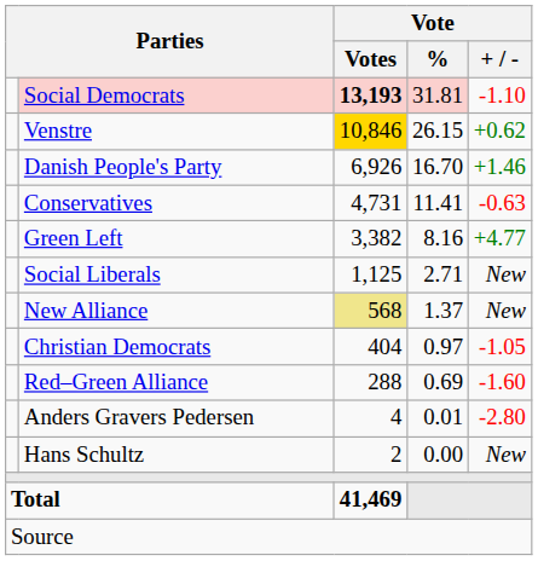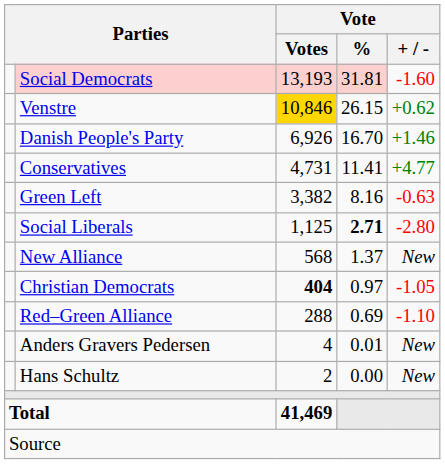 <table class="wikitable" style="text-align:right;">
 <tr>
 <th style="text-align:centre;" rowspan="2" colspan="2" width="225">Parties</th>
 <th colspan="3">Vote</th>
 </tr>
 <tr>
 <th width="15">Votes</th>
 <th width="15">%</th>
 <th width="15">+ / -</th>
 </tr>
 <tr>
 <td width="2" style="color:inherit;background:"></td>
 <td bgcolor=#fbd0ce  align="left"><a href='#'>Social Democrats</a></td>
-<td bgcolor=#fbd0ce><strong>13,193</strong></td>
+<td bgcolor=#fbd0ce>13,193</td>
 <td bgcolor=#fbd0ce>31.81</td>
-<td style=color:red;>-1.10</td>
+<td style=color:red;>-1.60</td>
 </tr>
 <tr>
 <td width="2" style="color:inherit;background:"></td>
 <td align="left"><a href='#'>Venstre</a></td>
 <td style="background: gold;">10,846</td>
 <td>26.15</td>
 <td style=color:green;>+0.62</td>
 </tr>
 <tr>
 <td width="2" style="color:inherit;background:"></td>
 <td align="left"><a href='#'>Danish People's Party</a></td>
 <td>6,926</td>
 <td>16.70</td>
 <td style=color:green;>+1.46</td>
 </tr>
 <tr>
 <td width="2" style="color:inherit;background:"></td>
 <td align="left"><a href='#'>Conservatives</a></td>
 <td>4,731</td>
 <td>11.41</td>
-<td style=color:red;>-0.63</td>
+<td style=color:green;>+4.77</td>
 </tr>
 <tr>
 <td width="2" style="color:inherit;background:"></td>
 <td align="left"><a href='#'>Green Left</a></td>
 <td>3,382</td>
 <td>8.16</td>
-<td style=color:green;>+4.77</td>
+<td style=color:red;>-0.63</td>
 </tr>
 <tr>
 <td width="2" style="color:inherit;background:"></td>
 <td align="left"><a href='#'>Social Liberals</a></td>
 <td>1,125</td>
-<td>2.71</td>
-<td><em>New</em></td>
+<td><strong>2.71</strong></td>
+<td style=color:red;>-2.80</td>
 </tr>
 <tr>
 <td width="2" style="color:inherit;background:"></td>
 <td align="left"><a href='#'>New Alliance</a></td>
-<td style="background: khaki;">568</td>
+<td>568</td>
 <td>1.37</td>
 <td><em>New</em></td>
 </tr>
 <tr>
 <td width="2" style="color:inherit;background:"></td>
 <td align="left"><a href='#'>Christian Democrats</a></td>
-<td>404</td>
+<td><strong>404</strong></td>
 <td>0.97</td>
 <td style=color:red;>-1.05</td>
 </tr>
 <tr>
 <td width="2" style="color:inherit;background:"></td>
 <td align="left"><a href='#'>Red–Green Alliance</a></td>
 <td>288</td>
 <td>0.69</td>
-<td style=color:red;>-1.60</td>
+<td style=color:red;>-1.10</td>
 </tr>
 <tr>
 <td width="2" style="color:inherit;background:"></td>
 <td align="left">Anders Gravers Pedersen</td>
 <td>4</td>
 <td>0.01</td>
-<td style=color:red;>-2.80</td>
+<td><em>New</em></td>
 </tr>
 <tr>
 <td width="2" style="color:inherit;background:"></td>
 <td align="left">Hans Schultz</td>
 <td>2</td>
 <td>0.00</td>
 <td><em>New</em></td>
 </tr>
 <tr>
 <td colspan="7" bgcolor="#E9E9E9"></td>
 </tr>
 <tr>
 <td align="left" colspan="2"><strong>Total</strong></td>
 <td><strong>41,469</strong></td>
 <td bgcolor="#E9E9E9" colspan="2"></td>
 </tr>
 <tr>
 <td align="left" colspan="6">Source</td>
 </tr>
 </table>
